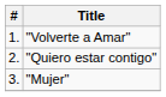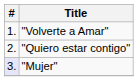 <table class="wikitable">
 <tr>
 <th>#</th>
 <th>Title</th>
 </tr>
 <tr>
 <td>1.</td>
 <td>"Volverte a Amar"</td>
 </tr>
 <tr>
 <td>2.</td>
 <td>"Quiero estar contigo"</td>
 </tr>
 <tr>
-<td>3.</td>
+<td style="background: lavender;">3.</td>
 <td>"Mujer"</td>
 </tr>
 <tr>
 </tr>
 </table>
